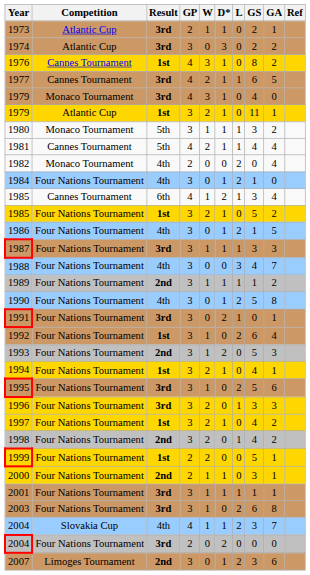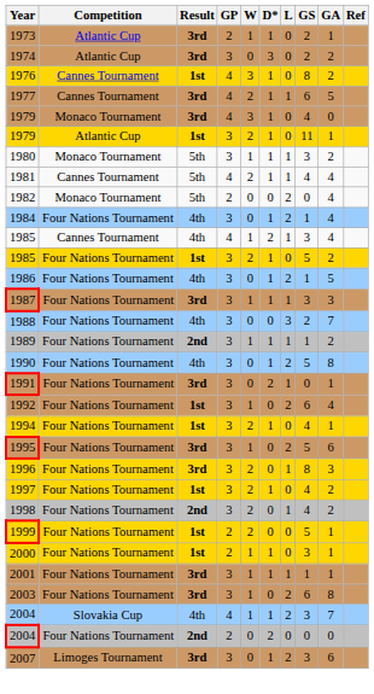 <table class="wikitable" style="text-align: center;">
 <tr>
 <th>Year</th>
 <th>Competition</th>
 <th>Result</th>
 <th>GP</th>
 <th>W</th>
 <th>D*</th>
 <th>L</th>
 <th>GS</th>
 <th>GA</th>
 <th>Ref</th>
 </tr>
 <tr bgcolor="#cc9966">
 <td> 1973</td>
 <td><a href='#'>Atlantic Cup</a></td>
 <td><strong>3rd</strong></td>
 <td>2</td>
 <td>1</td>
 <td>1</td>
 <td>0</td>
 <td>2</td>
 <td>1</td>
 <td></td>
 </tr>
 <tr bgcolor="#cc9966">
 <td> 1974</td>
 <td>Atlantic Cup</td>
 <td><strong>3rd</strong></td>
 <td>3</td>
 <td>0</td>
 <td>3</td>
 <td>0</td>
 <td>2</td>
 <td>2</td>
 <td></td>
 </tr>
 <tr bgcolor="gold">
 <td> 1976</td>
 <td><a href='#'>Cannes Tournament</a></td>
 <td><strong>1st</strong></td>
 <td>4</td>
 <td>3</td>
 <td>1</td>
 <td>0</td>
 <td>8</td>
 <td>2</td>
 <td></td>
 </tr>
 <tr bgcolor="#cc9966">
 <td> 1977</td>
 <td>Cannes Tournament</td>
 <td><strong>3rd</strong></td>
 <td>4</td>
 <td>2</td>
 <td>1</td>
 <td>1</td>
 <td>6</td>
 <td>5</td>
 <td></td>
 </tr>
 <tr bgcolor="#cc9966">
 <td> 1979</td>
 <td>Monaco Tournament</td>
 <td><strong>3rd</strong></td>
 <td>4</td>
 <td>3</td>
 <td>1</td>
 <td>0</td>
 <td>4</td>
 <td>0</td>
 <td></td>
 </tr>
 <tr bgcolor="gold">
 <td> 1979</td>
 <td>Atlantic Cup</td>
 <td><strong>1st</strong></td>
 <td>3</td>
 <td>2</td>
 <td>1</td>
 <td>0</td>
 <td>11</td>
 <td>1</td>
 <td></td>
 </tr>
 <tr>
 <td> 1980</td>
 <td>Monaco Tournament</td>
 <td>5th</td>
 <td>3</td>
 <td>1</td>
 <td>1</td>
 <td>1</td>
 <td>3</td>
 <td>2</td>
 <td></td>
 </tr>
 <tr>
 <td> 1981</td>
 <td>Cannes Tournament</td>
 <td>5th</td>
 <td>4</td>
 <td>2</td>
 <td>1</td>
 <td>1</td>
 <td>4</td>
 <td>4</td>
 <td></td>
 </tr>
 <tr>
 <td> 1982</td>
 <td>Monaco Tournament</td>
-<td>4th</td>
+<td>5th</td>
 <td>2</td>
 <td>0</td>
 <td>0</td>
 <td>2</td>
 <td>0</td>
 <td>4</td>
 <td></td>
 </tr>
 <tr style="background:#9acdff">
 <td> 1984</td>
 <td>Four Nations Tournament</td>
 <td>4th</td>
 <td>3</td>
 <td>0</td>
 <td>1</td>
 <td>2</td>
 <td>1</td>
-<td>0</td>
+<td>4</td>
 <td></td>
 </tr>
 <tr>
 <td> 1985</td>
 <td>Cannes Tournament</td>
-<td>6th</td>
+<td>4th</td>
 <td>4</td>
 <td>1</td>
 <td>2</td>
 <td>1</td>
 <td>3</td>
 <td>4</td>
 <td></td>
 </tr>
 <tr bgcolor="gold">
 <td> 1985</td>
 <td>Four Nations Tournament</td>
 <td><strong>1st</strong></td>
 <td>3</td>
 <td>2</td>
 <td>1</td>
 <td>0</td>
 <td>5</td>
 <td>2</td>
 <td></td>
 </tr>
 <tr style="background:#9acdff">
 <td> 1986</td>
 <td>Four Nations Tournament</td>
 <td>4th</td>
 <td>3</td>
 <td>0</td>
 <td>1</td>
 <td>2</td>
 <td>1</td>
 <td>5</td>
 <td></td>
 </tr>
 <tr bgcolor="#cc9966">
 <td style="border: 3px solid red"> 1987</td>
 <td>Four Nations Tournament</td>
 <td><strong>3rd</strong></td>
 <td>3</td>
 <td>1</td>
 <td>1</td>
 <td>1</td>
 <td>3</td>
 <td>3</td>
 <td></td>
 </tr>
 <tr style="background:#9acdff">
 <td> 1988</td>
 <td>Four Nations Tournament</td>
 <td>4th</td>
 <td>3</td>
 <td>0</td>
 <td>0</td>
 <td>3</td>
-<td>4</td>
+<td>2</td>
 <td>7</td>
 <td></td>
 </tr>
 <tr bgcolor="silver">
 <td> 1989</td>
 <td>Four Nations Tournament</td>
 <td><strong>2nd</strong></td>
 <td>3</td>
 <td>1</td>
 <td>1</td>
 <td>1</td>
 <td>1</td>
 <td>2</td>
 <td></td>
 </tr>
 <tr style="background:#9acdff">
 <td> 1990</td>
 <td>Four Nations Tournament</td>
 <td>4th</td>
 <td>3</td>
 <td>0</td>
 <td>1</td>
 <td>2</td>
 <td>5</td>
 <td>8</td>
 <td></td>
 </tr>
 <tr bgcolor="#cc9966">
 <td style="border: 3px solid red"> 1991</td>
 <td>Four Nations Tournament</td>
 <td><strong>3rd</strong></td>
 <td>3</td>
 <td>0</td>
 <td>2</td>
 <td>1</td>
 <td>0</td>
 <td>1</td>
 <td></td>
 </tr>
 <tr bgcolor="#cc9966">
 <td> 1992</td>
 <td>Four Nations Tournament</td>
 <td><strong>1st</strong></td>
 <td>3</td>
 <td>1</td>
 <td>0</td>
 <td>2</td>
 <td>6</td>
 <td>4</td>
 <td></td>
 </tr>
-<tr bgcolor="silver">
-<td> 1993</td>
-<td>Four Nations Tournament</td>
-<td><strong>2nd</strong></td>
-<td>3</td>
-<td>1</td>
-<td>2</td>
-<td>0</td>
-<td>5</td>
-<td>3</td>
-<td></td>
-</tr>
 <tr bgcolor="gold">
 <td> 1994</td>
 <td>Four Nations Tournament</td>
 <td><strong>1st</strong></td>
 <td>3</td>
 <td>2</td>
 <td>1</td>
 <td>0</td>
 <td>4</td>
 <td>1</td>
 <td></td>
 </tr>
 <tr bgcolor="#cc9966">
 <td style="border: 3px solid red"> 1995</td>
 <td>Four Nations Tournament</td>
 <td><strong>3rd</strong></td>
 <td>3</td>
 <td>1</td>
 <td>0</td>
 <td>2</td>
 <td>5</td>
 <td>6</td>
 <td></td>
 </tr>
 <tr bgcolor="gold">
 <td> 1996</td>
 <td>Four Nations Tournament</td>
 <td><strong>3rd</strong></td>
 <td>3</td>
 <td>2</td>
 <td>0</td>
 <td>1</td>
-<td>3</td>
+<td>8</td>
 <td>3</td>
 <td></td>
 </tr>
 <tr bgcolor="gold">
 <td> 1997</td>
 <td>Four Nations Tournament</td>
 <td><strong>1st</strong></td>
 <td>3</td>
 <td>2</td>
 <td>1</td>
 <td>0</td>
 <td>4</td>
 <td>2</td>
 <td></td>
 </tr>
 <tr bgcolor="silver">
 <td> 1998</td>
 <td>Four Nations Tournament</td>
 <td><strong>2nd</strong></td>
 <td>3</td>
 <td>2</td>
 <td>0</td>
 <td>1</td>
 <td>4</td>
 <td>2</td>
 <td></td>
 </tr>
 <tr bgcolor="gold">
 <td style="border: 3px solid red"> 1999</td>
 <td>Four Nations Tournament</td>
 <td><strong>1st</strong></td>
 <td>2</td>
 <td>2</td>
 <td>0</td>
 <td>0</td>
 <td>5</td>
 <td>1</td>
 <td></td>
 </tr>
 <tr bgcolor="gold">
 <td> 2000</td>
 <td>Four Nations Tournament</td>
-<td><strong>2nd</strong></td>
+<td><strong>1st</strong></td>
 <td>2</td>
 <td>1</td>
 <td>1</td>
 <td>0</td>
 <td>3</td>
 <td>1</td>
 <td></td>
 </tr>
 <tr bgcolor="#cc9966">
 <td> 2001</td>
 <td>Four Nations Tournament</td>
 <td><strong>3rd</strong></td>
 <td>3</td>
 <td>1</td>
 <td>1</td>
 <td>1</td>
 <td>1</td>
 <td>1</td>
 <td></td>
 </tr>
 <tr bgcolor="#cc9966">
 <td> 2003</td>
 <td>Four Nations Tournament</td>
 <td><strong>3rd</strong></td>
 <td>3</td>
 <td>1</td>
 <td>0</td>
 <td>2</td>
 <td>6</td>
 <td>8</td>
 <td></td>
 </tr>
 <tr style="background:#9acdff">
 <td> 2004</td>
 <td>Slovakia Cup</td>
 <td>4th</td>
 <td>4</td>
 <td>1</td>
 <td>1</td>
 <td>2</td>
 <td>3</td>
 <td>7</td>
 <td></td>
 </tr>
 <tr bgcolor="silver">
 <td style="border: 3px solid red"> 2004</td>
 <td>Four Nations Tournament</td>
-<td><strong>3rd</strong></td>
+<td><strong>2nd</strong></td>
 <td>2</td>
 <td>0</td>
 <td>2</td>
 <td>0</td>
 <td>0</td>
 <td>0</td>
 <td></td>
 </tr>
 <tr bgcolor="#cc9966">
 <td> 2007</td>
 <td>Limoges Tournament</td>
-<td><strong>2nd</strong></td>
+<td><strong>3rd</strong></td>
 <td>3</td>
 <td>0</td>
 <td>1</td>
 <td>2</td>
 <td>3</td>
 <td>6</td>
 <td></td>
 </tr>
 </table>
